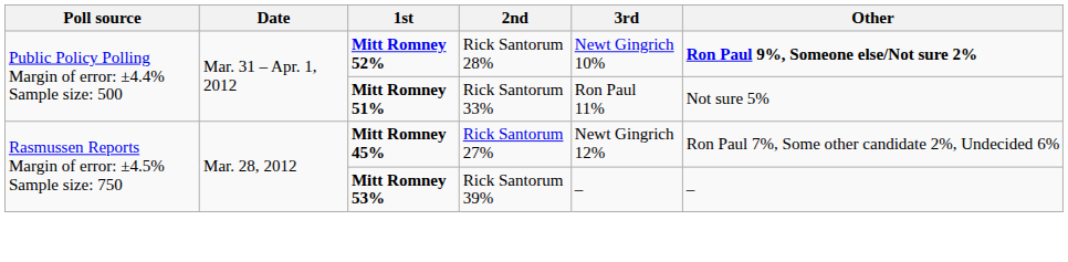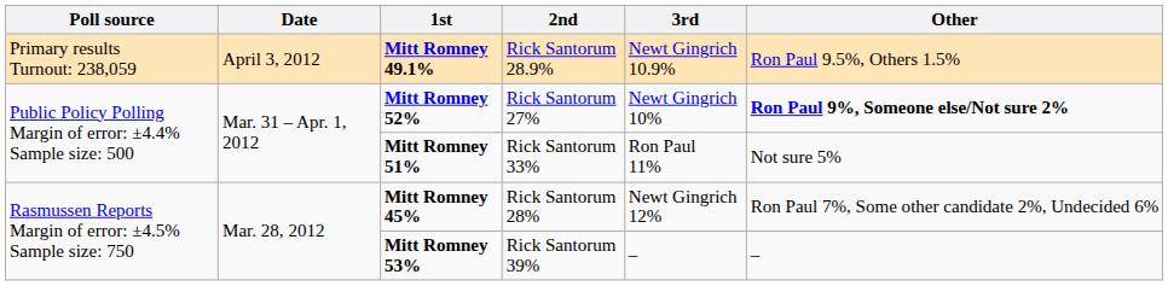 <table class="wikitable">
 <tr>
 <th style="width:180px;">Poll source</th>
 <th style="width:135px;">Date</th>
 <th style="width:100px;">1st</th>
 <th style="width:100px;">2nd</th>
 <th style="width:100px;">3rd</th>
 <th>Other</th>
 </tr>
+<tr style="background:Moccasin;">
+<td>Primary results<br>Turnout: 238,059</td>
+<td>April 3, 2012</td>
+<td><strong><a href='#'>Mitt Romney</a> 49.1% </strong></td>
+<td><a href='#'>Rick Santorum</a><br>28.9%</td>
+<td><a href='#'>Newt Gingrich</a><br>10.9%</td>
+<td><a href='#'>Ron Paul</a> 9.5%, Others 1.5%</td>
+</tr>
 <tr>
 <td rowspan=2><a href='#'>Public Policy Polling</a><br>Margin of error: ±4.4% <br>Sample size: 500</td>
 <td rowspan=2>Mar. 31 – Apr. 1, 2012</td>
 <td><strong><a href='#'>Mitt Romney</a><br> 52%</strong></td>
-<td>Rick Santorum<br> 28%</td>
+<td><a href='#'>Rick Santorum</a><br> 27%</td>
 <td><a href='#'>Newt Gingrich</a><br> 10%</td>
 <td><strong><a href='#'>Ron Paul</a> 9%, Someone else/Not sure 2%</strong></td>
 </tr>
 <tr>
 <td><strong>Mitt Romney<br> 51%</strong></td>
 <td>Rick Santorum<br> 33%</td>
 <td>Ron Paul<br> 11%</td>
 <td>Not sure 5%</td>
 </tr>
 <tr>
 <td rowspan=2><a href='#'>Rasmussen Reports</a><br>Margin of error: ±4.5% <br>Sample size: 750</td>
 <td rowspan=2>Mar. 28, 2012</td>
 <td><strong>Mitt Romney<br> 45%</strong></td>
-<td><a href='#'>Rick Santorum</a><br> 27%</td>
+<td>Rick Santorum<br> 28%</td>
 <td>Newt Gingrich<br> 12%</td>
 <td>Ron Paul 7%, Some other candidate 2%, Undecided 6%</td>
 </tr>
 <tr>
 <td><strong>Mitt Romney<br> 53%</strong></td>
 <td>Rick Santorum<br> 39%</td>
 <td>–</td>
 <td>–</td>
 </tr>
 </table>
